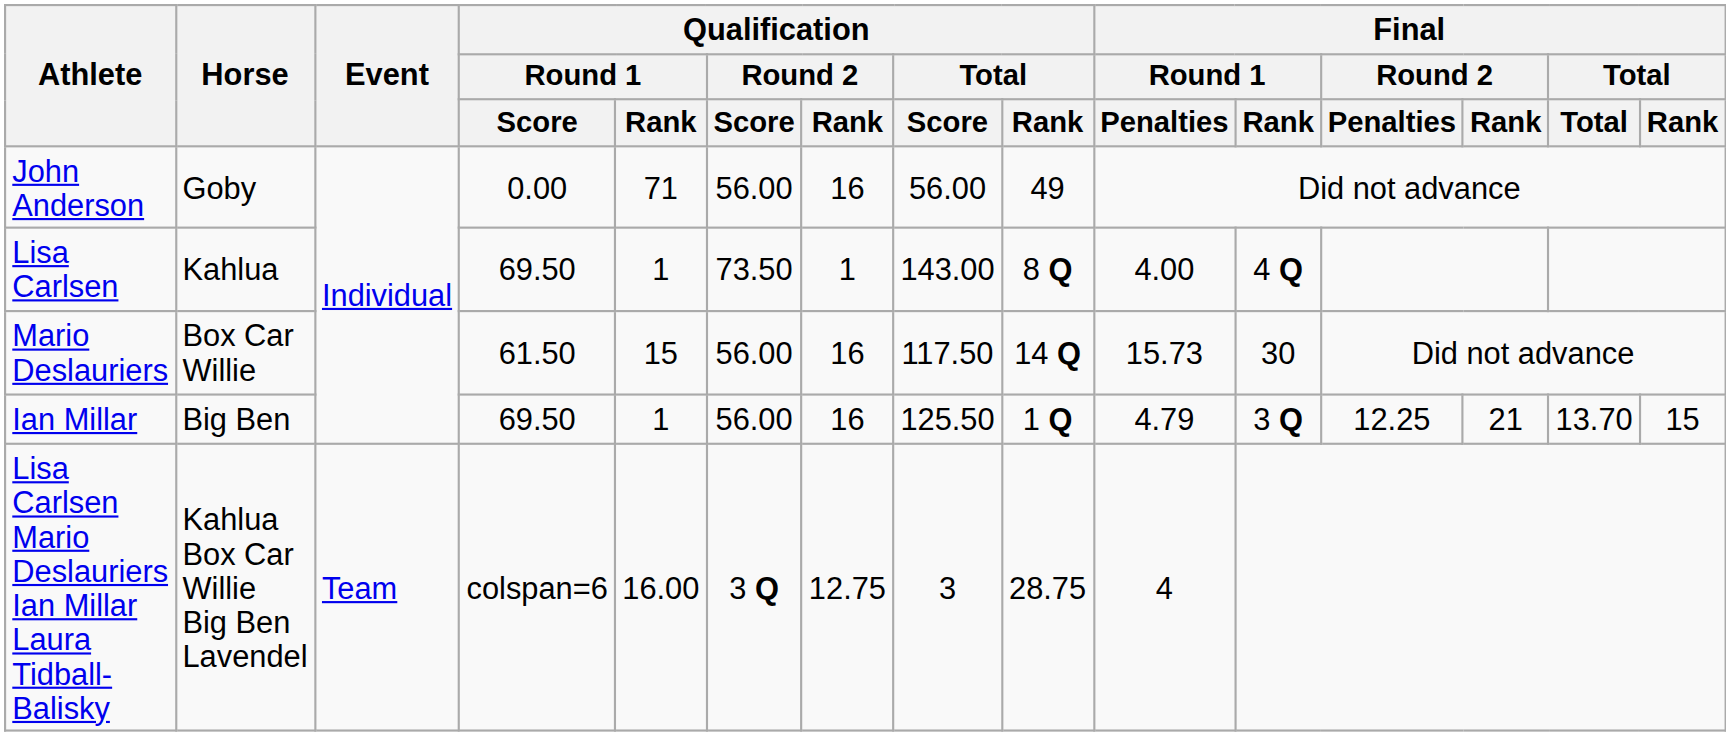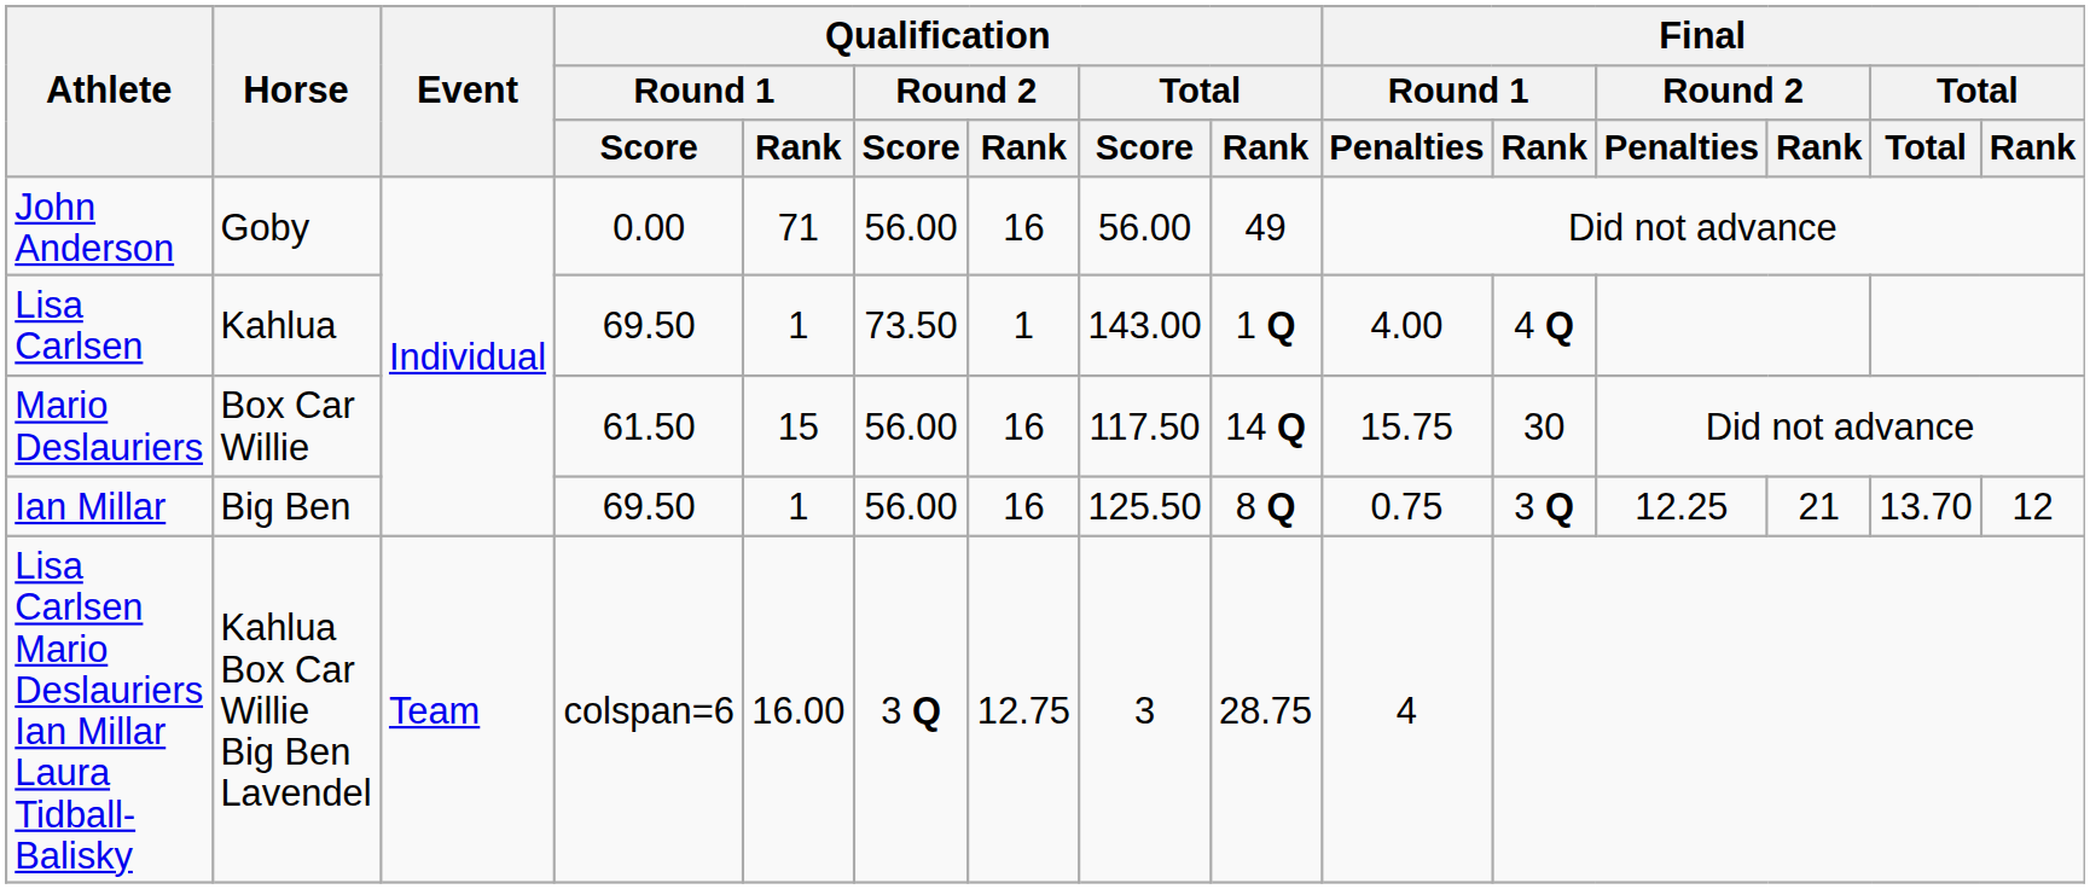 <table class=wikitable style="font-size:90%">
 <tr>
 <th rowspan="3">Athlete</th>
 <th rowspan="3">Horse</th>
 <th rowspan="3">Event</th>
 <th colspan="6">Qualification</th>
 <th colspan="6">Final</th>
 </tr>
 <tr style="font-size:95%">
 <th colspan=2>Round 1</th>
 <th colspan=2>Round 2</th>
 <th colspan=2>Total</th>
 <th colspan=2>Round 1</th>
 <th colspan=2>Round 2</th>
 <th colspan=2>Total</th>
 </tr>
 <tr style="font-size:95%">
 <th>Score</th>
 <th>Rank</th>
 <th>Score</th>
 <th>Rank</th>
 <th>Score</th>
 <th>Rank</th>
 <th>Penalties</th>
 <th>Rank</th>
 <th>Penalties</th>
 <th>Rank</th>
 <th>Total</th>
 <th>Rank</th>
 </tr>
 <tr align=center>
 <td align=left><a href='#'>John Anderson</a></td>
 <td align=left>Goby</td>
 <td align=left rowspan=4><a href='#'>Individual</a></td>
 <td>0.00</td>
 <td>71</td>
 <td>56.00</td>
 <td>16</td>
 <td>56.00</td>
 <td>49</td>
 <td colspan=6>Did not advance</td>
 </tr>
 <tr align=center>
 <td align=left><a href='#'>Lisa Carlsen</a></td>
 <td align=left>Kahlua</td>
 <td>69.50</td>
 <td>1</td>
 <td>73.50</td>
 <td>1</td>
 <td>143.00</td>
-<td>8 <strong>Q</strong></td>
+<td>1 <strong>Q</strong></td>
 <td>4.00</td>
 <td>4 <strong>Q</strong></td>
 <td colspan=2></td>
 <td colspan=2></td>
 </tr>
 <tr align=center>
 <td align=left><a href='#'>Mario Deslauriers</a></td>
 <td align=left>Box Car Willie</td>
 <td>61.50</td>
 <td>15</td>
 <td>56.00</td>
 <td>16</td>
 <td>117.50</td>
 <td>14 <strong>Q</strong></td>
-<td>15.73</td>
+<td>15.75</td>
 <td>30</td>
 <td colspan=4>Did not advance</td>
 </tr>
 <tr align=center>
 <td align=left><a href='#'>Ian Millar</a></td>
 <td align=left>Big Ben</td>
 <td>69.50</td>
 <td>1</td>
 <td>56.00</td>
 <td>16</td>
 <td>125.50</td>
-<td>1 <strong>Q</strong></td>
-<td>4.79</td>
+<td>8 <strong>Q</strong></td>
+<td>0.75</td>
 <td>3 <strong>Q</strong></td>
 <td>12.25</td>
 <td>21</td>
 <td>13.70</td>
-<td>15</td>
+<td>12</td>
 </tr>
 <tr align=center>
 <td align=left><a href='#'>Lisa Carlsen</a><br><a href='#'>Mario Deslauriers</a><br><a href='#'>Ian Millar</a><br><a href='#'>Laura Tidball-Balisky</a></td>
 <td align=left>Kahlua<br>Box Car Willie<br>Big Ben<br>Lavendel</td>
 <td align=left><a href='#'>Team</a></td>
 <td>colspan=6</td>
 <td>16.00</td>
 <td>3 <strong>Q</strong></td>
 <td>12.75</td>
 <td>3</td>
 <td>28.75</td>
 <td>4</td>
 </tr>
 </table>
